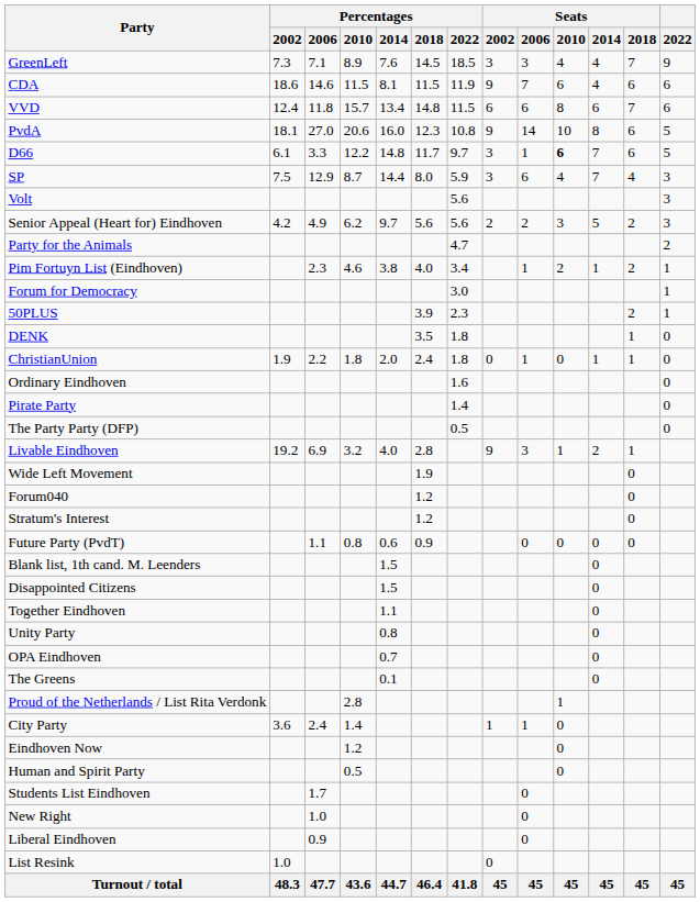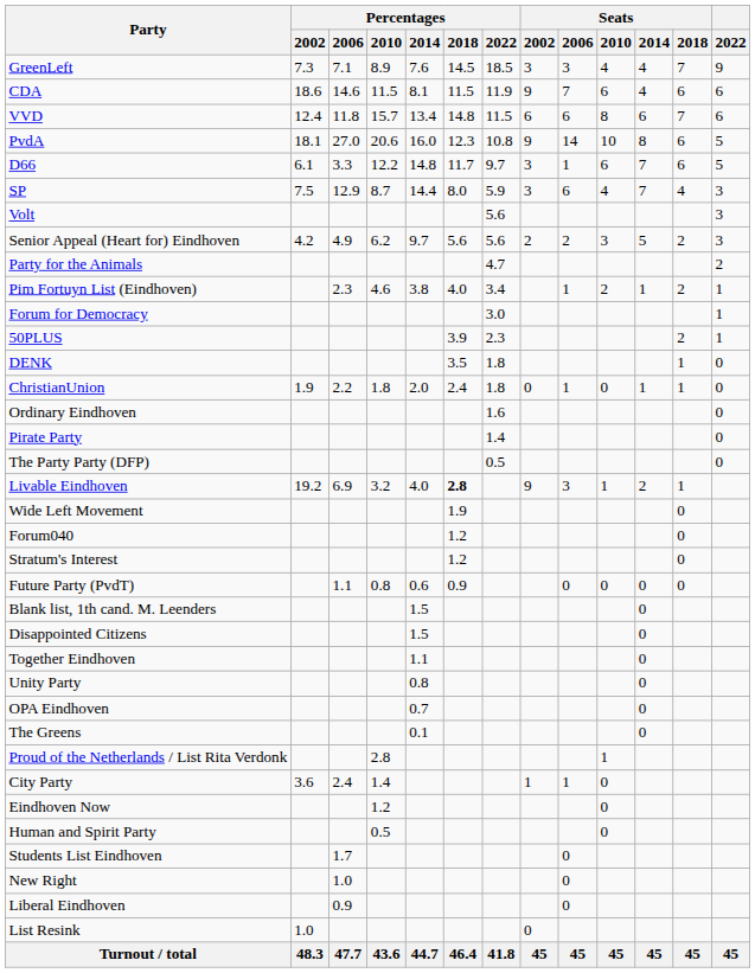 <table class="wikitable sortable">
 <tr>
 <th rowspan="2">Party</th>
 <th colspan="6">Percentages</th>
 <th colspan="5">Seats</th>
 <th></th>
 </tr>
 <tr>
 <th>2002</th>
 <th>2006</th>
 <th>2010</th>
 <th>2014</th>
 <th>2018</th>
 <th>2022</th>
 <th>2002</th>
 <th>2006</th>
 <th>2010</th>
 <th>2014</th>
 <th>2018</th>
 <th>2022</th>
 </tr>
 <tr>
 <td><a href='#'>GreenLeft</a></td>
 <td>7.3</td>
 <td>7.1</td>
 <td>8.9</td>
 <td>7.6</td>
 <td>14.5</td>
 <td>18.5</td>
 <td>3</td>
 <td>3</td>
 <td>4</td>
 <td>4</td>
 <td>7</td>
 <td>9</td>
 </tr>
 <tr>
 <td><a href='#'>CDA</a></td>
 <td>18.6</td>
 <td>14.6</td>
 <td>11.5</td>
 <td>8.1</td>
 <td>11.5</td>
 <td>11.9</td>
 <td>9</td>
 <td>7</td>
 <td>6</td>
 <td>4</td>
 <td>6</td>
 <td>6</td>
 </tr>
 <tr>
 <td><a href='#'>VVD</a></td>
 <td>12.4</td>
 <td>11.8</td>
 <td>15.7</td>
 <td>13.4</td>
 <td>14.8</td>
 <td>11.5</td>
 <td>6</td>
 <td>6</td>
 <td>8</td>
 <td>6</td>
 <td>7</td>
 <td>6</td>
 </tr>
 <tr>
 <td><a href='#'>PvdA</a></td>
 <td>18.1</td>
 <td>27.0</td>
 <td>20.6</td>
 <td>16.0</td>
 <td>12.3</td>
 <td>10.8</td>
 <td>9</td>
 <td>14</td>
 <td>10</td>
 <td>8</td>
 <td>6</td>
 <td>5</td>
 </tr>
 <tr>
 <td><a href='#'>D66</a></td>
 <td>6.1</td>
 <td>3.3</td>
 <td>12.2</td>
 <td>14.8</td>
 <td>11.7</td>
 <td>9.7</td>
 <td>3</td>
 <td>1</td>
-<td><strong>6</strong></td>
+<td>6</td>
 <td>7</td>
 <td>6</td>
 <td>5</td>
 </tr>
 <tr>
 <td><a href='#'>SP</a></td>
 <td>7.5</td>
 <td>12.9</td>
 <td>8.7</td>
 <td>14.4</td>
 <td>8.0</td>
 <td>5.9</td>
 <td>3</td>
 <td>6</td>
 <td>4</td>
 <td>7</td>
 <td>4</td>
 <td>3</td>
 </tr>
 <tr>
 <td><a href='#'>Volt</a></td>
 <td></td>
 <td></td>
 <td></td>
 <td></td>
 <td></td>
 <td>5.6</td>
 <td></td>
 <td></td>
 <td></td>
 <td></td>
 <td></td>
 <td>3</td>
 </tr>
 <tr>
 <td>Senior Appeal (Heart for) Eindhoven</td>
 <td>4.2</td>
 <td>4.9</td>
 <td>6.2</td>
 <td>9.7</td>
 <td>5.6</td>
 <td>5.6</td>
 <td>2</td>
 <td>2</td>
 <td>3</td>
 <td>5</td>
 <td>2</td>
 <td>3</td>
 </tr>
 <tr>
 <td><a href='#'>Party for the Animals</a></td>
 <td></td>
 <td></td>
 <td></td>
 <td></td>
 <td></td>
 <td>4.7</td>
 <td></td>
 <td></td>
 <td></td>
 <td></td>
 <td></td>
 <td>2</td>
 </tr>
 <tr>
 <td><a href='#'>Pim Fortuyn List</a> (Eindhoven)</td>
 <td></td>
 <td>2.3</td>
 <td>4.6</td>
 <td>3.8</td>
 <td>4.0</td>
 <td>3.4</td>
 <td></td>
 <td>1</td>
 <td>2</td>
 <td>1</td>
 <td>2</td>
 <td>1</td>
 </tr>
 <tr>
 <td><a href='#'>Forum for Democracy</a></td>
 <td></td>
 <td></td>
 <td></td>
 <td></td>
 <td></td>
 <td>3.0</td>
 <td></td>
 <td></td>
 <td></td>
 <td></td>
 <td></td>
 <td>1</td>
 </tr>
 <tr>
 <td><a href='#'>50PLUS</a></td>
 <td></td>
 <td></td>
 <td></td>
 <td></td>
 <td>3.9</td>
 <td>2.3</td>
 <td></td>
 <td></td>
 <td></td>
 <td></td>
 <td>2</td>
 <td>1</td>
 </tr>
 <tr>
 <td><a href='#'>DENK</a></td>
 <td></td>
 <td></td>
 <td></td>
 <td></td>
 <td>3.5</td>
 <td>1.8</td>
 <td></td>
 <td></td>
 <td></td>
 <td></td>
 <td>1</td>
 <td>0</td>
 </tr>
 <tr>
 <td><a href='#'>ChristianUnion</a></td>
 <td>1.9</td>
 <td>2.2</td>
 <td>1.8</td>
 <td>2.0</td>
 <td>2.4</td>
 <td>1.8</td>
 <td>0</td>
 <td>1</td>
 <td>0</td>
 <td>1</td>
 <td>1</td>
 <td>0</td>
 </tr>
 <tr>
 <td>Ordinary Eindhoven</td>
 <td></td>
 <td></td>
 <td></td>
 <td></td>
 <td></td>
 <td>1.6</td>
 <td></td>
 <td></td>
 <td></td>
 <td></td>
 <td></td>
 <td>0</td>
 </tr>
 <tr>
 <td><a href='#'>Pirate Party</a></td>
 <td></td>
 <td></td>
 <td></td>
 <td></td>
 <td></td>
 <td>1.4</td>
 <td></td>
 <td></td>
 <td></td>
 <td></td>
 <td></td>
 <td>0</td>
 </tr>
 <tr>
 <td>The Party Party (DFP)</td>
 <td></td>
 <td></td>
 <td></td>
 <td></td>
 <td></td>
 <td>0.5</td>
 <td></td>
 <td></td>
 <td></td>
 <td></td>
 <td></td>
 <td>0</td>
 </tr>
 <tr>
 <td><a href='#'>Livable Eindhoven</a></td>
 <td>19.2</td>
 <td>6.9</td>
 <td>3.2</td>
 <td>4.0</td>
-<td>2.8</td>
+<td><strong>2.8</strong></td>
 <td></td>
 <td>9</td>
 <td>3</td>
 <td>1</td>
 <td>2</td>
 <td>1</td>
 <td></td>
 </tr>
 <tr>
 <td>Wide Left Movement</td>
 <td></td>
 <td></td>
 <td></td>
 <td></td>
 <td>1.9</td>
 <td></td>
 <td></td>
 <td></td>
 <td></td>
 <td></td>
 <td>0</td>
 <td></td>
 </tr>
 <tr>
 <td>Forum040</td>
 <td></td>
 <td></td>
 <td></td>
 <td></td>
 <td>1.2</td>
 <td></td>
 <td></td>
 <td></td>
 <td></td>
 <td></td>
 <td>0</td>
 <td></td>
 </tr>
 <tr>
 <td>Stratum's Interest</td>
 <td></td>
 <td></td>
 <td></td>
 <td></td>
 <td>1.2</td>
 <td></td>
 <td></td>
 <td></td>
 <td></td>
 <td></td>
 <td>0</td>
 <td></td>
 </tr>
 <tr>
 <td>Future Party (PvdT)</td>
 <td></td>
 <td>1.1</td>
 <td>0.8</td>
 <td>0.6</td>
 <td>0.9</td>
 <td></td>
 <td></td>
 <td>0</td>
 <td>0</td>
 <td>0</td>
 <td>0</td>
 <td></td>
 </tr>
 <tr>
 <td>Blank list, 1th cand. M. Leenders</td>
 <td></td>
 <td></td>
 <td></td>
 <td>1.5</td>
 <td></td>
 <td></td>
 <td></td>
 <td></td>
 <td></td>
 <td>0</td>
 <td></td>
 <td></td>
 </tr>
 <tr>
 <td>Disappointed Citizens</td>
 <td></td>
 <td></td>
 <td></td>
 <td>1.5</td>
 <td></td>
 <td></td>
 <td></td>
 <td></td>
 <td></td>
 <td>0</td>
 <td></td>
 <td></td>
 </tr>
 <tr>
 <td>Together Eindhoven</td>
 <td></td>
 <td></td>
 <td></td>
 <td>1.1</td>
 <td></td>
 <td></td>
 <td></td>
 <td></td>
 <td></td>
 <td>0</td>
 <td></td>
 <td></td>
 </tr>
 <tr>
 <td>Unity Party</td>
 <td></td>
 <td></td>
 <td></td>
 <td>0.8</td>
 <td></td>
 <td></td>
 <td></td>
 <td></td>
 <td></td>
 <td>0</td>
 <td></td>
 <td></td>
 </tr>
 <tr>
 <td>OPA Eindhoven</td>
 <td></td>
 <td></td>
 <td></td>
 <td>0.7</td>
 <td></td>
 <td></td>
 <td></td>
 <td></td>
 <td></td>
 <td>0</td>
 <td></td>
 <td></td>
 </tr>
 <tr>
 <td>The Greens</td>
 <td></td>
 <td></td>
 <td></td>
 <td>0.1</td>
 <td></td>
 <td></td>
 <td></td>
 <td></td>
 <td></td>
 <td>0</td>
 <td></td>
 <td></td>
 </tr>
 <tr>
 <td><a href='#'>Proud of the Netherlands</a> / List Rita Verdonk</td>
 <td></td>
 <td></td>
 <td>2.8</td>
 <td></td>
 <td></td>
 <td></td>
 <td></td>
 <td></td>
 <td>1</td>
 <td></td>
 <td></td>
 <td></td>
 </tr>
 <tr>
 <td>City Party</td>
 <td>3.6</td>
 <td>2.4</td>
 <td>1.4</td>
 <td></td>
 <td></td>
 <td></td>
 <td>1</td>
 <td>1</td>
 <td>0</td>
 <td></td>
 <td></td>
 <td></td>
 </tr>
 <tr>
 <td>Eindhoven Now</td>
 <td></td>
 <td></td>
 <td>1.2</td>
 <td></td>
 <td></td>
 <td></td>
 <td></td>
 <td></td>
 <td>0</td>
 <td></td>
 <td></td>
 <td></td>
 </tr>
 <tr>
 <td>Human and Spirit Party</td>
 <td></td>
 <td></td>
 <td>0.5</td>
 <td></td>
 <td></td>
 <td></td>
 <td></td>
 <td></td>
 <td>0</td>
 <td></td>
 <td></td>
 <td></td>
 </tr>
 <tr>
 <td>Students List Eindhoven</td>
 <td></td>
 <td>1.7</td>
 <td></td>
 <td></td>
 <td></td>
 <td></td>
 <td></td>
 <td>0</td>
 <td></td>
 <td></td>
 <td></td>
 <td></td>
 </tr>
 <tr>
 <td>New Right</td>
 <td></td>
 <td>1.0</td>
 <td></td>
 <td></td>
 <td></td>
 <td></td>
 <td></td>
 <td>0</td>
 <td></td>
 <td></td>
 <td></td>
 <td></td>
 </tr>
 <tr>
 <td>Liberal Eindhoven</td>
 <td></td>
 <td>0.9</td>
 <td></td>
 <td></td>
 <td></td>
 <td></td>
 <td></td>
 <td>0</td>
 <td></td>
 <td></td>
 <td></td>
 <td></td>
 </tr>
 <tr>
 <td>List Resink</td>
 <td>1.0</td>
 <td></td>
 <td></td>
 <td></td>
 <td></td>
 <td></td>
 <td>0</td>
 <td></td>
 <td></td>
 <td></td>
 <td></td>
 <td></td>
 </tr>
 <tr>
 <th>Turnout / total</th>
 <th>48.3</th>
 <th>47.7</th>
 <th>43.6</th>
 <th>44.7</th>
 <th>46.4</th>
 <th>41.8</th>
 <th>45</th>
 <th>45</th>
 <th>45</th>
 <th>45</th>
 <th>45</th>
 <th>45</th>
 </tr>
 </table>
